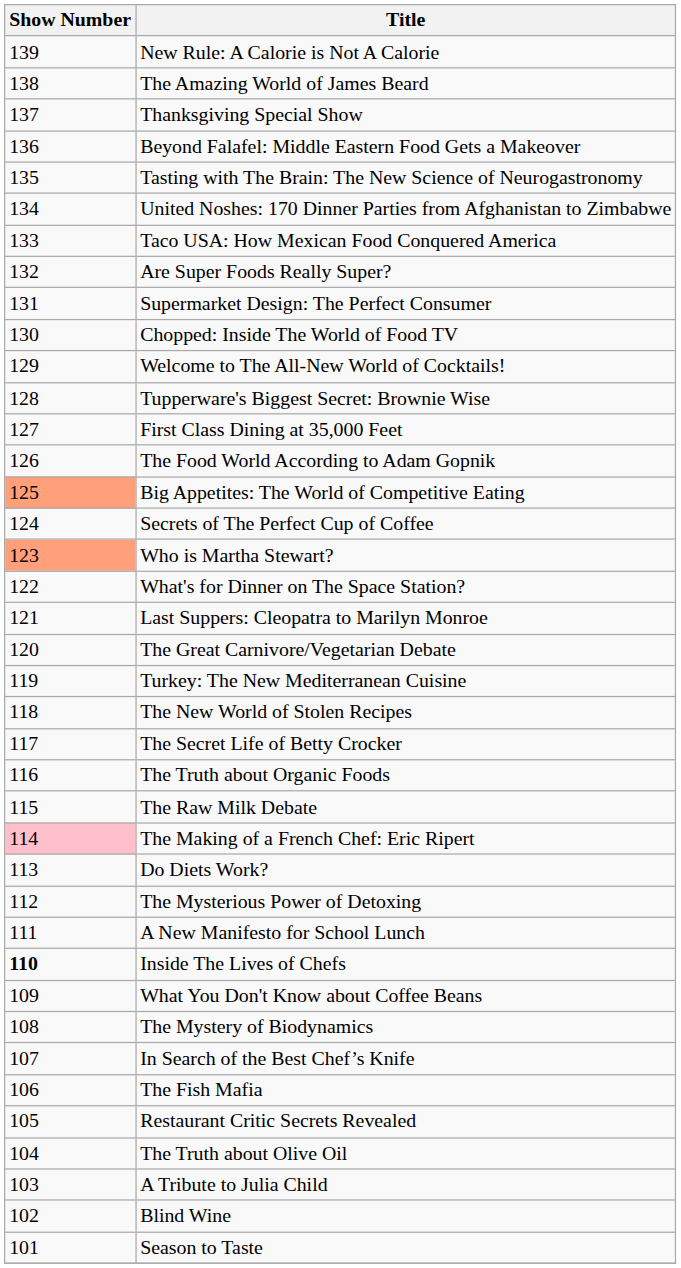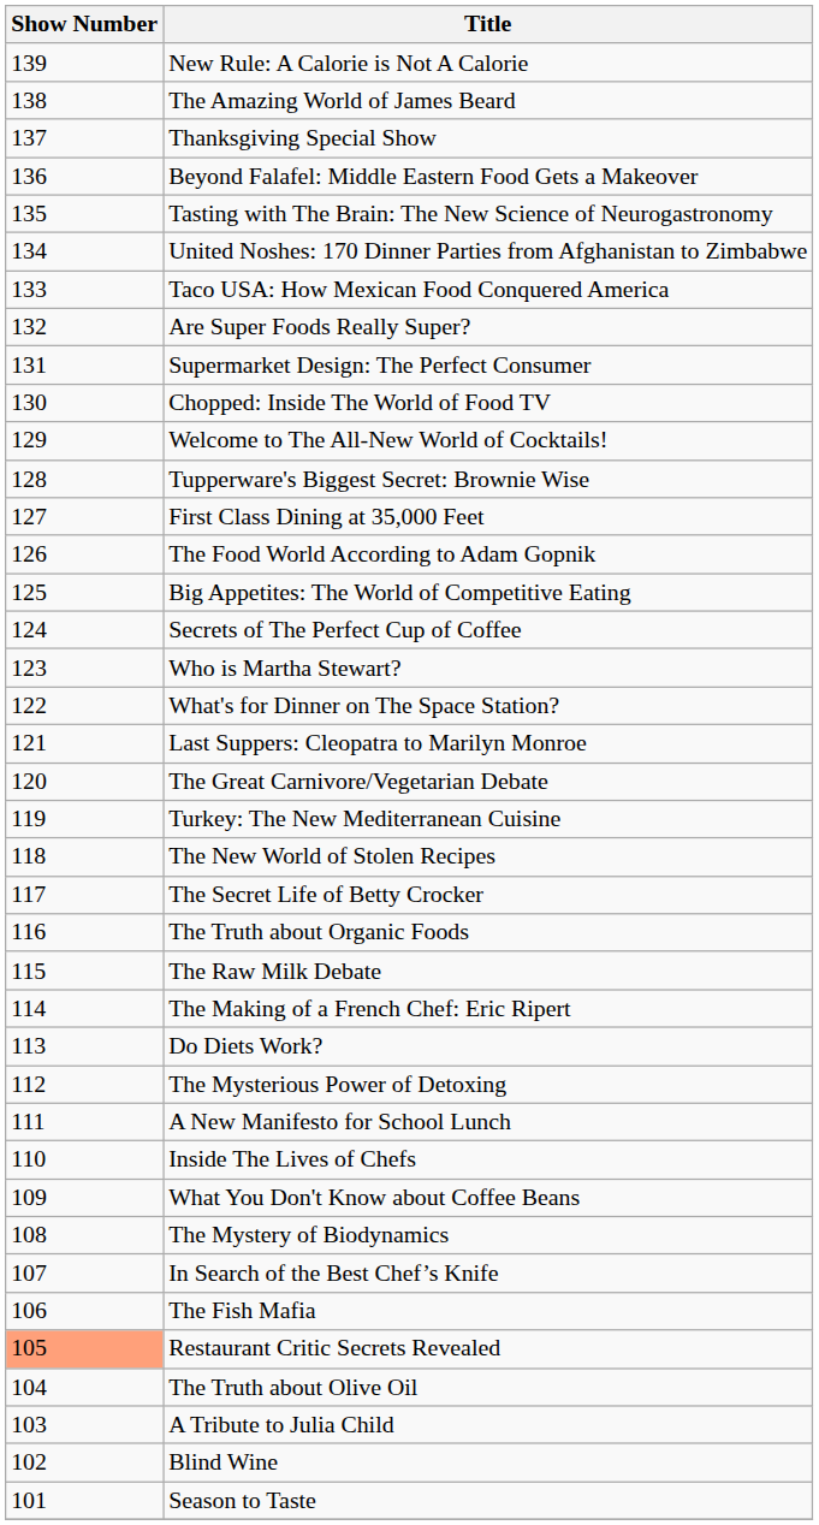 <table class=wikitable>
 <tr>
 <th>Show Number</th>
 <th>Title</th>
 </tr>
 <tr>
 <td>139</td>
 <td>New Rule: A Calorie is Not A Calorie</td>
 </tr>
 <tr>
 <td>138</td>
 <td>The Amazing World of James Beard</td>
 </tr>
 <tr>
 <td>137</td>
 <td>Thanksgiving Special Show</td>
 </tr>
 <tr>
 <td>136</td>
 <td>Beyond Falafel: Middle Eastern Food Gets a Makeover</td>
 </tr>
 <tr>
 <td>135</td>
 <td>Tasting with The Brain: The New Science of Neurogastronomy</td>
 </tr>
 <tr>
 <td>134</td>
 <td>United Noshes: 170 Dinner Parties from Afghanistan to Zimbabwe</td>
 </tr>
 <tr>
 <td>133</td>
 <td>Taco USA: How Mexican Food Conquered America</td>
 </tr>
 <tr>
 <td>132</td>
 <td>Are Super Foods Really Super?</td>
 </tr>
 <tr>
 <td>131</td>
 <td>Supermarket Design: The Perfect Consumer</td>
 </tr>
 <tr>
 <td>130</td>
 <td>Chopped: Inside The World of Food TV</td>
 </tr>
 <tr>
 <td>129</td>
 <td>Welcome to The All-New World of Cocktails!</td>
 </tr>
 <tr>
 <td>128</td>
 <td>Tupperware's Biggest Secret: Brownie Wise</td>
 </tr>
 <tr>
 <td>127</td>
 <td>First Class Dining at 35,000 Feet</td>
 </tr>
 <tr>
 <td>126</td>
 <td>The Food World According to Adam Gopnik</td>
 </tr>
 <tr>
-<td style="background: lightsalmon;">125</td>
+<td>125</td>
 <td>Big Appetites: The World of Competitive Eating</td>
 </tr>
 <tr>
 <td>124</td>
 <td>Secrets of The Perfect Cup of Coffee</td>
 </tr>
 <tr>
-<td style="background: lightsalmon;">123</td>
+<td>123</td>
 <td>Who is Martha Stewart?</td>
 </tr>
 <tr>
 <td>122</td>
 <td>What's for Dinner on The Space Station?</td>
 </tr>
 <tr>
 <td>121</td>
 <td>Last Suppers: Cleopatra to Marilyn Monroe</td>
 </tr>
 <tr>
 <td>120</td>
 <td>The Great Carnivore/Vegetarian Debate</td>
 </tr>
 <tr>
 <td>119</td>
 <td>Turkey: The New Mediterranean Cuisine</td>
 </tr>
 <tr>
 <td>118</td>
 <td>The New World of Stolen Recipes</td>
 </tr>
 <tr>
 <td>117</td>
 <td>The Secret Life of Betty Crocker</td>
 </tr>
 <tr>
 <td>116</td>
 <td>The Truth about Organic Foods</td>
 </tr>
 <tr>
 <td>115</td>
 <td>The Raw Milk Debate</td>
 </tr>
 <tr>
-<td style="background: pink;">114</td>
+<td>114</td>
 <td>The Making of a French Chef: Eric Ripert</td>
 </tr>
 <tr>
 <td>113</td>
 <td>Do Diets Work?</td>
 </tr>
 <tr>
 <td>112</td>
 <td>The Mysterious Power of Detoxing</td>
 </tr>
 <tr>
 <td>111</td>
 <td>A New Manifesto for School Lunch</td>
 </tr>
 <tr>
-<td><strong>110</strong></td>
+<td>110</td>
 <td>Inside The Lives of Chefs</td>
 </tr>
 <tr>
 <td>109</td>
 <td>What You Don't Know about Coffee Beans</td>
 </tr>
 <tr>
 <td>108</td>
 <td>The Mystery of Biodynamics</td>
 </tr>
 <tr>
 <td>107</td>
 <td>In Search of the Best Chef’s Knife</td>
 </tr>
 <tr>
 <td>106</td>
 <td>The Fish Mafia</td>
 </tr>
 <tr>
-<td>105</td>
+<td style="background: lightsalmon;">105</td>
 <td>Restaurant Critic Secrets Revealed</td>
 </tr>
 <tr>
 <td>104</td>
 <td>The Truth about Olive Oil</td>
 </tr>
 <tr>
 <td>103</td>
 <td>A Tribute to Julia Child</td>
 </tr>
 <tr>
 <td>102</td>
 <td>Blind Wine</td>
 </tr>
 <tr>
 <td>101</td>
 <td>Season to Taste</td>
 </tr>
 <tr>
 </tr>
 </table>
